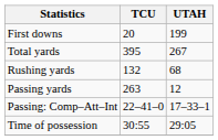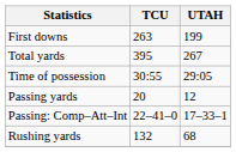 <table class="wikitable" style="float: left;">
 <tr>
 <th>Statistics</th>
 <th>TCU</th>
 <th>UTAH</th>
 </tr>
 <tr>
 <td>First downs</td>
-<td>20</td>
+<td>263</td>
 <td>199</td>
 </tr>
 <tr>
 <td>Total yards</td>
 <td>395</td>
 <td>267</td>
 </tr>
 <tr>
-<td>Rushing yards</td>
-<td>132</td>
-<td>68</td>
+<td>Time of possession</td>
+<td>30:55</td>
+<td>29:05</td>
 </tr>
 <tr>
 <td>Passing yards</td>
-<td>263</td>
+<td>20</td>
 <td>12</td>
 </tr>
 <tr>
 <td>Passing: Comp–Att–Int</td>
 <td>22–41–0</td>
 <td>17–33–1</td>
 </tr>
 <tr>
-<td>Time of possession</td>
-<td>30:55</td>
-<td>29:05</td>
+<td>Rushing yards</td>
+<td>132</td>
+<td>68</td>
 </tr>
 <tr>
 </tr>
 </table>
